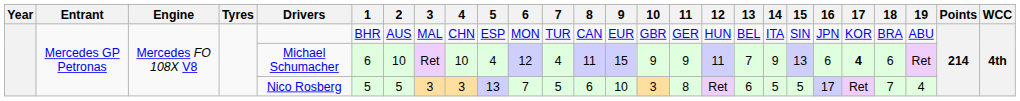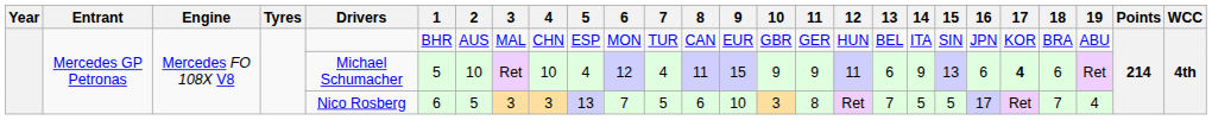 <table class="wikitable" style="text-align:center; font-size:95%">
 <tr>
 <th>Year</th>
 <th>Entrant</th>
 <th>Engine</th>
 <th>Tyres</th>
 <th>Drivers</th>
 <th>1</th>
 <th>2</th>
 <th>3</th>
 <th>4</th>
 <th>5</th>
 <th>6</th>
 <th>7</th>
 <th>8</th>
 <th>9</th>
 <th>10</th>
 <th>11</th>
 <th>12</th>
 <th>13</th>
 <th>14</th>
 <th>15</th>
 <th>16</th>
 <th>17</th>
 <th>18</th>
 <th>19</th>
 <th>Points</th>
 <th>WCC</th>
 </tr>
 <tr>
 <th rowspan="3"></th>
 <td rowspan="3"><a href='#'>Mercedes GP</a> <a href='#'>Petronas</a></td>
 <td rowspan="3"><a href='#'>Mercedes</a> <em>FO 108X</em> <a href='#'>V8</a></td>
 <td rowspan="3"></td>
 <td></td>
 <td><a href='#'>BHR</a></td>
 <td><a href='#'>AUS</a></td>
 <td><a href='#'>MAL</a></td>
 <td><a href='#'>CHN</a></td>
 <td><a href='#'>ESP</a></td>
 <td><a href='#'>MON</a></td>
 <td><a href='#'>TUR</a></td>
 <td><a href='#'>CAN</a></td>
 <td><a href='#'>EUR</a></td>
 <td><a href='#'>GBR</a></td>
 <td><a href='#'>GER</a></td>
 <td><a href='#'>HUN</a></td>
 <td><a href='#'>BEL</a></td>
 <td><a href='#'>ITA</a></td>
 <td><a href='#'>SIN</a></td>
 <td><a href='#'>JPN</a></td>
 <td><a href='#'>KOR</a></td>
 <td><a href='#'>BRA</a></td>
 <td><a href='#'>ABU</a></td>
 <th rowspan="3">214</th>
 <th rowspan="3">4th</th>
 </tr>
 <tr>
 <td><a href='#'>Michael Schumacher</a></td>
-<td style="background:#DFFFDF;">6</td>
+<td style="background:#DFFFDF;">5</td>
 <td style="background:#DFFFDF;">10</td>
 <td style="background:#EFCFFF;">Ret</td>
 <td style="background:#DFFFDF;">10</td>
 <td style="background:#DFFFDF;">4</td>
 <td style="background:#CFCFFF;">12</td>
 <td style="background:#DFFFDF;">4</td>
 <td style="background:#CFCFFF;">11</td>
 <td style="background:#CFCFFF;">15</td>
 <td style="background:#DFFFDF;">9</td>
 <td style="background:#DFFFDF;">9</td>
 <td style="background:#CFCFFF;">11</td>
-<td style="background:#DFFFDF;">7</td>
+<td style="background:#DFFFDF;">6</td>
 <td style="background:#DFFFDF;">9</td>
 <td style="background:#CFCFFF;">13</td>
 <td style="background:#DFFFDF;">6</td>
 <td style="background:#DFFFDF;"><strong>4</strong></td>
 <td style="background:#DFFFDF;">6</td>
 <td style="background:#EFCFFF;">Ret</td>
 </tr>
 <tr>
 <td> <a href='#'>Nico Rosberg</a></td>
-<td style="background:#DFFFDF;">5</td>
+<td style="background:#DFFFDF;">6</td>
 <td style="background:#DFFFDF;">5</td>
 <td style="background:#FFDF9F;">3</td>
 <td style="background:#FFDF9F;">3</td>
 <td style="background:#CFCFFF;">13</td>
 <td style="background:#DFFFDF;">7</td>
 <td style="background:#DFFFDF;">5</td>
 <td style="background:#DFFFDF;">6</td>
 <td style="background:#DFFFDF;">10</td>
 <td style="background:#FFDF9F;">3</td>
 <td style="background:#DFFFDF;">8</td>
 <td style="background:#EFCFFF;">Ret</td>
-<td style="background:#DFFFDF;">6</td>
+<td style="background:#DFFFDF;">7</td>
 <td style="background:#DFFFDF;">5</td>
 <td style="background:#DFFFDF;">5</td>
 <td style="background:#CFCFFF;">17</td>
 <td style="background:#EFCFFF;">Ret</td>
 <td style="background:#DFFFDF;">7</td>
 <td style="background:#DFFFDF;">4</td>
 </tr>
 </table>
